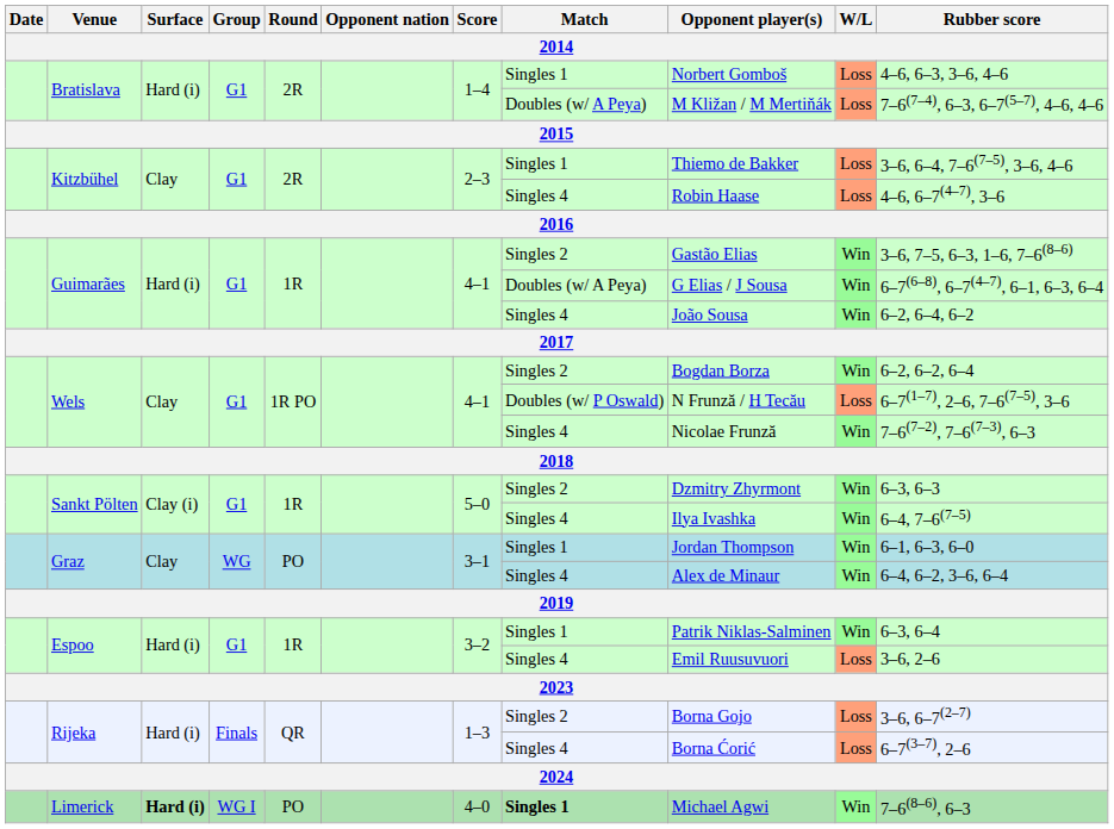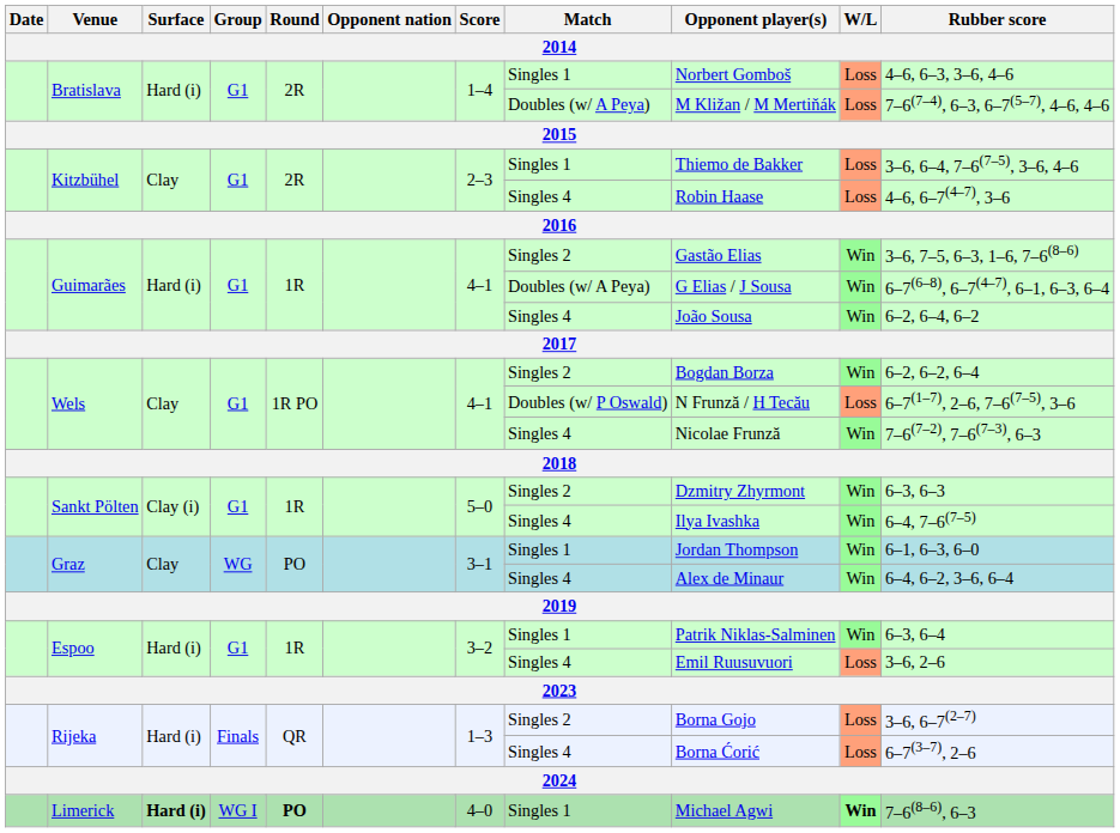 <table class="wikitable nowrap" style=font-size:96%>
 <tr>
 <th>Date</th>
 <th>Venue</th>
 <th>Surface</th>
 <th>Group</th>
 <th>Round</th>
 <th>Opponent nation</th>
 <th>Score</th>
 <th>Match</th>
 <th>Opponent player(s)</th>
 <th>W/L</th>
 <th class="unsortable">Rubber score</th>
 </tr>
 <tr>
 <th colspan=11><a href='#'>2014</a></th>
 </tr>
 <tr bgcolor=CCFFCC>
 <td rowspan=2></td>
 <td rowspan=2><a href='#'>Bratislava</a></td>
 <td rowspan=2>Hard (i)</td>
 <td rowspan=2 align="center"><a href='#'>G1</a></td>
 <td rowspan=2 align="center">2R</td>
 <td rowspan=2></td>
 <td rowspan=2 align="center">1–4</td>
 <td>Singles 1</td>
 <td><a href='#'>Norbert Gomboš</a></td>
 <td bgcolor=#FFA07A align=center>Loss</td>
 <td>4–6, 6–3, 3–6, 4–6</td>
 </tr>
 <tr bgcolor=CCFFCC>
 <td>Doubles (w/ <a href='#'>A Peya</a>)</td>
 <td><a href='#'>M Kližan</a> / <a href='#'>M Mertiňák</a></td>
 <td bgcolor=#FFA07A align=center>Loss</td>
 <td>7–6<sup>(7–4)</sup>, 6–3, 6–7<sup>(5–7)</sup>, 4–6, 4–6</td>
 </tr>
 <tr>
 <th colspan=11><a href='#'>2015</a></th>
 </tr>
 <tr bgcolor=CCFFCC>
 <td rowspan=2></td>
 <td rowspan=2><a href='#'>Kitzbühel</a></td>
 <td rowspan=2>Clay</td>
 <td rowspan=2 align="center"><a href='#'>G1</a></td>
 <td rowspan=2 align="center">2R</td>
 <td rowspan=2></td>
 <td rowspan=2 align="center">2–3</td>
 <td>Singles 1</td>
 <td><a href='#'>Thiemo de Bakker</a></td>
 <td bgcolor=#FFA07A align=center>Loss</td>
 <td>3–6, 6–4, 7–6<sup>(7–5)</sup>, 3–6, 4–6</td>
 </tr>
 <tr bgcolor=CCFFCC>
 <td>Singles 4</td>
 <td><a href='#'>Robin Haase</a></td>
 <td bgcolor=#FFA07A align=center>Loss</td>
 <td>4–6, 6–7<sup>(4–7)</sup>, 3–6</td>
 </tr>
 <tr>
 <th colspan=11><a href='#'>2016</a></th>
 </tr>
 <tr bgcolor=CCFFCC>
 <td rowspan=3></td>
 <td rowspan=3><a href='#'>Guimarães</a></td>
 <td rowspan=3>Hard (i)</td>
 <td rowspan=3 align="center"><a href='#'>G1</a></td>
 <td rowspan=3 align="center">1R</td>
 <td rowspan=3></td>
 <td rowspan=3 align="center">4–1</td>
 <td>Singles 2</td>
 <td><a href='#'>Gastão Elias</a></td>
 <td bgcolor=#98FB98 align=center>Win</td>
 <td>3–6, 7–5, 6–3, 1–6, 7–6<sup>(8–6)</sup></td>
 </tr>
 <tr bgcolor=CCFFCC>
 <td>Doubles (w/ A Peya)</td>
 <td><a href='#'>G Elias</a> / <a href='#'>J Sousa</a></td>
 <td bgcolor=#98FB98 align=center>Win</td>
 <td>6–7<sup>(6–8)</sup>, 6–7<sup>(4–7)</sup>, 6–1, 6–3, 6–4</td>
 </tr>
 <tr bgcolor=CCFFCC>
 <td>Singles 4</td>
 <td><a href='#'>João Sousa</a></td>
 <td bgcolor=#98FB98 align=center>Win</td>
 <td>6–2, 6–4, 6–2</td>
 </tr>
 <tr>
 <th colspan=11><a href='#'>2017</a></th>
 </tr>
 <tr bgcolor=CCFFCC>
 <td rowspan=3></td>
 <td rowspan=3><a href='#'>Wels</a></td>
 <td rowspan=3>Clay</td>
 <td rowspan=3 align="center"><a href='#'>G1</a></td>
 <td rowspan=3 align="center">1R PO</td>
 <td rowspan=3></td>
 <td rowspan=3 align="center">4–1</td>
 <td>Singles 2</td>
 <td><a href='#'>Bogdan Borza</a></td>
 <td bgcolor=#98FB98 align=center>Win</td>
 <td>6–2, 6–2, 6–4</td>
 </tr>
 <tr bgcolor=CCFFCC>
 <td>Doubles (w/ <a href='#'>P Oswald</a>)</td>
 <td>N Frunză / <a href='#'>H Tecău</a></td>
 <td bgcolor=#FFA07A align=center>Loss</td>
 <td>6–7<sup>(1–7)</sup>, 2–6, 7–6<sup>(7–5)</sup>, 3–6</td>
 </tr>
 <tr bgcolor=CCFFCC>
 <td>Singles 4</td>
 <td>Nicolae Frunză</td>
 <td bgcolor=#98FB98 align=center>Win</td>
 <td>7–6<sup>(7–2)</sup>, 7–6<sup>(7–3)</sup>, 6–3</td>
 </tr>
 <tr>
 <th colspan=11><a href='#'>2018</a></th>
 </tr>
 <tr bgcolor=CCFFCC>
 <td rowspan=2></td>
 <td rowspan=2><a href='#'>Sankt Pölten</a></td>
 <td rowspan=2>Clay (i)</td>
 <td rowspan=2 align="center"><a href='#'>G1</a></td>
 <td rowspan=2 align="center">1R</td>
 <td rowspan=2></td>
 <td rowspan=2 align="center">5–0</td>
 <td>Singles 2</td>
 <td><a href='#'>Dzmitry Zhyrmont</a></td>
 <td bgcolor=#98FB98 align=center>Win</td>
 <td>6–3, 6–3</td>
 </tr>
 <tr bgcolor=CCFFCC>
 <td>Singles 4</td>
 <td><a href='#'>Ilya Ivashka</a></td>
 <td bgcolor=#98FB98 align=center>Win</td>
 <td>6–4, 7–6<sup>(7–5)</sup></td>
 </tr>
 <tr bgcolor=B0E0E6>
 <td rowspan=2></td>
 <td rowspan=2><a href='#'>Graz</a></td>
 <td rowspan=2>Clay</td>
 <td rowspan=2 align="center"><a href='#'>WG</a></td>
 <td rowspan=2 align="center">PO</td>
 <td rowspan=2></td>
 <td rowspan=2 align="center">3–1</td>
 <td>Singles 1</td>
 <td><a href='#'>Jordan Thompson</a></td>
 <td bgcolor=#98FB98 align=center>Win</td>
 <td>6–1, 6–3, 6–0</td>
 </tr>
 <tr bgcolor=B0E0E6>
 <td>Singles 4</td>
 <td><a href='#'>Alex de Minaur</a></td>
 <td bgcolor=#98FB98 align=center>Win</td>
 <td>6–4, 6–2, 3–6, 6–4</td>
 </tr>
 <tr>
 <th colspan=11><a href='#'>2019</a></th>
 </tr>
 <tr bgcolor=CCFFCC>
 <td rowspan=2></td>
 <td rowspan=2><a href='#'>Espoo</a></td>
 <td rowspan=2>Hard (i)</td>
 <td rowspan=2 align="center"><a href='#'>G1</a></td>
 <td rowspan=2 align="center">1R</td>
 <td rowspan=2></td>
 <td rowspan=2 align="center">3–2</td>
 <td>Singles 1</td>
 <td><a href='#'>Patrik Niklas-Salminen</a></td>
 <td bgcolor=#98FB98 align=center>Win</td>
 <td>6–3, 6–4</td>
 </tr>
 <tr bgcolor=CCFFCC>
 <td>Singles 4</td>
 <td><a href='#'>Emil Ruusuvuori</a></td>
 <td bgcolor=#FFA07A align=center>Loss</td>
 <td>3–6, 2–6</td>
 </tr>
 <tr>
 <th colspan=11><a href='#'>2023</a></th>
 </tr>
 <tr bgcolor=ECF2FF>
 <td rowspan=2></td>
 <td rowspan=2><a href='#'>Rijeka</a></td>
 <td rowspan=2>Hard (i)</td>
 <td rowspan=2 align="center"><a href='#'>Finals</a></td>
 <td rowspan=2 align="center">QR</td>
 <td rowspan=2></td>
 <td rowspan=2 align="center">1–3</td>
 <td>Singles 2</td>
 <td><a href='#'>Borna Gojo</a></td>
 <td bgcolor=#FFA07A align=center>Loss</td>
 <td>3–6, 6–7<sup>(2–7)</sup></td>
 </tr>
 <tr bgcolor=ECF2FF>
 <td>Singles 4</td>
 <td><a href='#'>Borna Ćorić</a></td>
 <td bgcolor=#FFA07A align=center>Loss</td>
 <td>6–7<sup>(3–7)</sup>, 2–6</td>
 </tr>
 <tr>
 <th colspan=11><a href='#'>2024</a></th>
 </tr>
 <tr bgcolor=ACE1AF>
 <td></td>
 <td><a href='#'>Limerick</a></td>
 <td><strong>Hard (i)</strong></td>
 <td align="center"><a href='#'>WG I</a></td>
-<td align="center">PO</td>
+<td align="center"><strong>PO</strong></td>
 <td></td>
 <td align="center">4–0</td>
-<td><strong>Singles 1</strong></td>
+<td>Singles 1</td>
 <td><a href='#'>Michael Agwi</a></td>
-<td bgcolor=#98FB98 align=center>Win</td>
+<td bgcolor=#98FB98 align=center><strong>Win</strong></td>
 <td>7–6<sup>(8–6)</sup>, 6–3</td>
 </tr>
 </table>
